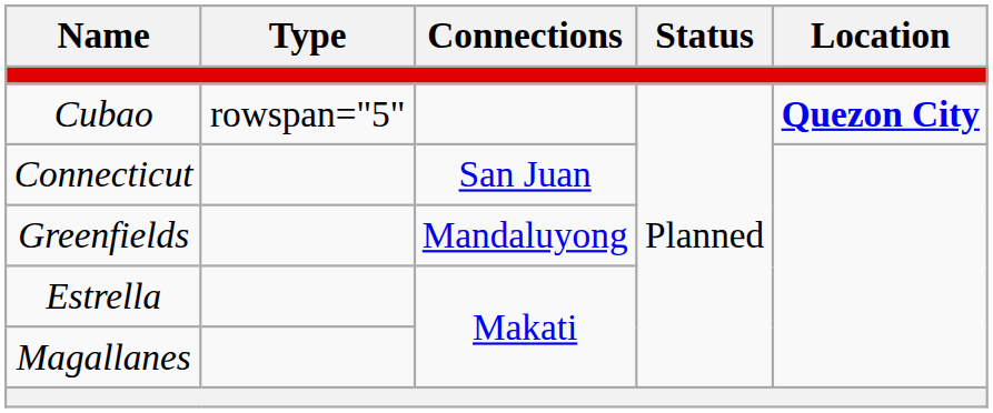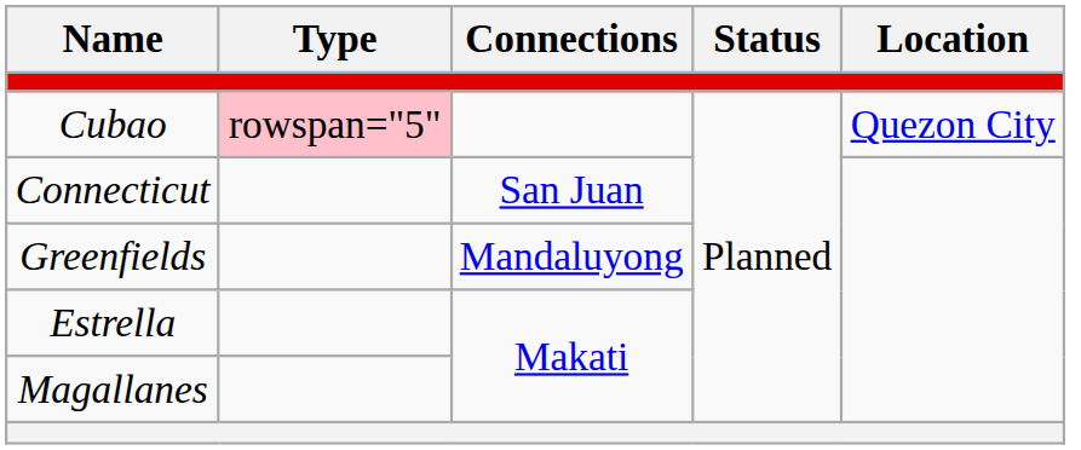 <table class="wikitable collapsible" style="font-size: 95%; text-align:center;">
 <tr>
 <th>Name</th>
 <th>Type</th>
 <th>Connections</th>
 <th>Status</th>
 <th>Location</th>
 </tr>
 <tr style = "background:#e00000; height: 2pt">
 <td colspan="6"></td>
 </tr>
 <tr>
 <td><em>Cubao</em></td>
-<td>rowspan="5" </td>
+<td style="background: pink;">rowspan="5" </td>
 <td style="text-align:left"><br></td>
 <td rowspan=5>Planned</td>
-<td><strong><a href='#'>Quezon City</a></strong></td>
+<td><a href='#'>Quezon City</a></td>
 </tr>
 <tr>
 <td><em>Connecticut</em></td>
 <td></td>
 <td><a href='#'>San Juan</a></td>
 </tr>
 <tr>
 <td><em>Greenfields</em></td>
 <td style="text-align:left"></td>
 <td><a href='#'>Mandaluyong</a></td>
 </tr>
 <tr>
 <td><em>Estrella</em></td>
 <td></td>
 <td rowspan="2"><a href='#'>Makati</a></td>
 </tr>
 <tr>
 <td><em>Magallanes</em></td>
 <td style="text-align:left"></td>
 </tr>
 <tr>
 <th colspan="6"></th>
 </tr>
 </table>
